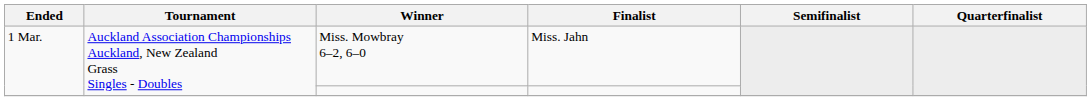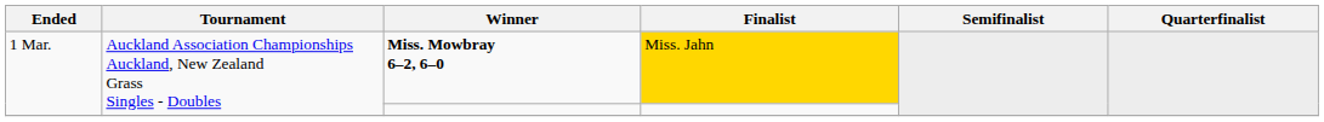 <table class="wikitable" style="font-size:85%;">
 <tr>
 <th width="75">Ended</th>
 <th width="230">Tournament</th>
 <th width="210">Winner</th>
 <th width="210">Finalist</th>
 <th width="170">Semifinalist</th>
 <th width="170">Quarterfinalist</th>
 </tr>
 <tr valign=top>
 <td rowspan=2>1 Mar.</td>
 <td rowspan=2><a href='#'>Auckland Association Championships</a><br><a href='#'>Auckland</a>, New Zealand<br>Grass<br><a href='#'>Singles</a> - <a href='#'>Doubles</a></td>
-<td> Miss. Mowbray<br>6–2, 6–0</td>
-<td> Miss. Jahn</td>
+<td><strong> Miss. Mowbray<br>6–2, 6–0</strong></td>
+<td style="background: gold;"> Miss. Jahn</td>
 <td style="background:#ededed;" rowspan=2></td>
 <td style="background:#ededed;" rowspan=2></td>
 </tr>
 <tr valign=top>
 <td></td>
 <td></td>
 </tr>
 <tr valign=top>
 </tr>
 </table>
